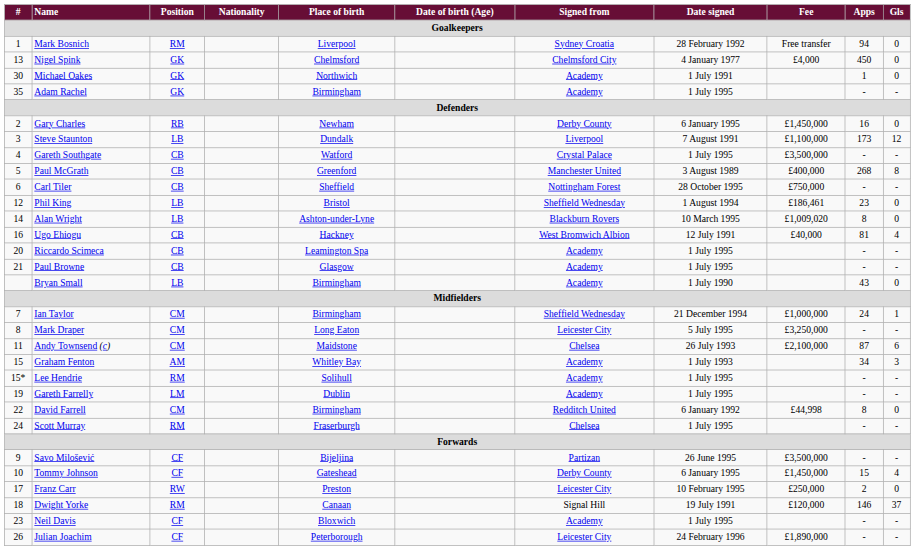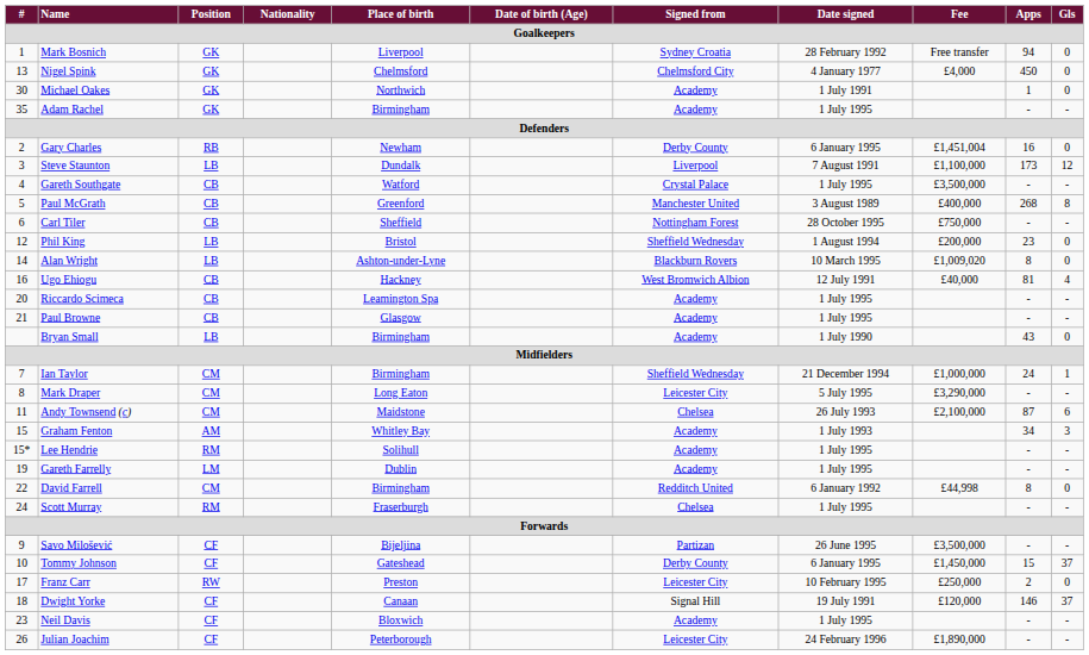 <table class="wikitable" style="text-align:center; font-size:84.5%; width:101%;">
 <tr>
 <th style="background:#670E36; color:#FFFFFF; text-align:center;">#</th>
 <th style="background:#670E36; color:#FFFFFF; text-align:left;">Name</th>
 <th style="background:#670E36; color:#FFFFFF; text-align:center;">Position</th>
 <th style="background:#670E36; color:#FFFFFF; text-align:center;">Nationality</th>
 <th style="background:#670E36; color:#FFFFFF; text-align:center;">Place of birth</th>
 <th style="background:#670E36; color:#FFFFFF; text-align:center;">Date of birth (Age)</th>
 <th style="background:#670E36; color:#FFFFFF; text-align:center;">Signed from</th>
 <th style="background:#670E36; color:#FFFFFF; text-align:center;">Date signed</th>
 <th style="background:#670E36; color:#FFFFFF; text-align:center;">Fee</th>
 <th style="background:#670E36; color:#FFFFFF; text-align:center;">Apps</th>
 <th style="background:#670E36; color:#FFFFFF; text-align:center;">Gls</th>
 </tr>
 <tr>
 <th colspan="11" style="background:#dcdcdc; tepxt-align:center;">Goalkeepers</th>
 </tr>
 <tr>
 <td>1</td>
 <td style="text-align:left;"><a href='#'>Mark Bosnich</a></td>
-<td><a href='#'>RM</a></td>
+<td><a href='#'>GK</a></td>
 <td></td>
 <td><a href='#'>Liverpool</a></td>
 <td></td>
 <td> <a href='#'>Sydney Croatia</a></td>
 <td>28 February 1992</td>
 <td>Free transfer</td>
 <td>94</td>
 <td>0</td>
 </tr>
 <tr>
 <td>13</td>
 <td style="text-align:left;"><a href='#'>Nigel Spink</a></td>
 <td><a href='#'>GK</a></td>
 <td></td>
 <td><a href='#'>Chelmsford</a></td>
 <td></td>
 <td><a href='#'>Chelmsford City</a></td>
 <td>4 January 1977</td>
 <td>£4,000</td>
 <td>450</td>
 <td>0</td>
 </tr>
 <tr>
 <td>30</td>
 <td style="text-align:left;"><a href='#'>Michael Oakes</a></td>
 <td><a href='#'>GK</a></td>
 <td></td>
 <td><a href='#'>Northwich</a></td>
 <td></td>
 <td><a href='#'>Academy</a></td>
 <td>1 July 1991</td>
 <td></td>
 <td>1</td>
 <td>0</td>
 </tr>
 <tr>
 <td>35</td>
 <td style="text-align:left;"><a href='#'>Adam Rachel</a></td>
 <td><a href='#'>GK</a></td>
 <td></td>
 <td><a href='#'>Birmingham</a></td>
 <td></td>
 <td><a href='#'>Academy</a></td>
 <td>1 July 1995</td>
 <td></td>
 <td>-</td>
 <td>-</td>
 </tr>
 <tr>
 <th colspan="11" style="background:#dcdcdc; tepxt-align:center;">Defenders</th>
 </tr>
 <tr>
 <td>2</td>
 <td style="text-align:left;"><a href='#'>Gary Charles</a></td>
 <td><a href='#'>RB</a></td>
 <td></td>
 <td><a href='#'>Newham</a></td>
 <td></td>
 <td><a href='#'>Derby County</a></td>
 <td>6 January 1995</td>
-<td>£1,450,000</td>
+<td>£1,451,004</td>
 <td>16</td>
 <td>0</td>
 </tr>
 <tr>
 <td>3</td>
 <td style="text-align:left;"><a href='#'>Steve Staunton</a></td>
 <td><a href='#'>LB</a></td>
 <td></td>
 <td><a href='#'>Dundalk</a></td>
 <td></td>
 <td><a href='#'>Liverpool</a></td>
 <td>7 August 1991</td>
 <td>£1,100,000</td>
 <td>173</td>
 <td>12</td>
 </tr>
 <tr>
 <td>4</td>
 <td style="text-align:left;"><a href='#'>Gareth Southgate</a></td>
 <td><a href='#'>CB</a></td>
 <td></td>
 <td><a href='#'>Watford</a></td>
 <td></td>
 <td><a href='#'>Crystal Palace</a></td>
 <td>1 July 1995</td>
 <td>£3,500,000</td>
 <td>-</td>
 <td>-</td>
 </tr>
 <tr>
 <td>5</td>
 <td style="text-align:left;"><a href='#'>Paul McGrath</a></td>
 <td><a href='#'>CB</a></td>
 <td></td>
 <td> <a href='#'>Greenford</a></td>
 <td></td>
 <td><a href='#'>Manchester United</a></td>
 <td>3 August 1989</td>
 <td>£400,000</td>
 <td>268</td>
 <td>8</td>
 </tr>
 <tr>
 <td>6</td>
 <td style="text-align:left;"><a href='#'>Carl Tiler</a></td>
 <td><a href='#'>CB</a></td>
 <td></td>
 <td><a href='#'>Sheffield</a></td>
 <td></td>
 <td><a href='#'>Nottingham Forest</a></td>
 <td>28 October 1995</td>
 <td>£750,000</td>
 <td>-</td>
 <td>-</td>
 </tr>
 <tr>
 <td>12</td>
 <td style="text-align:left;"><a href='#'>Phil King</a></td>
 <td><a href='#'>LB</a></td>
 <td></td>
 <td><a href='#'>Bristol</a></td>
 <td></td>
 <td><a href='#'>Sheffield Wednesday</a></td>
 <td>1 August 1994</td>
-<td>£186,461</td>
+<td>£200,000</td>
 <td>23</td>
 <td>0</td>
 </tr>
 <tr>
 <td>14</td>
 <td style="text-align:left;"><a href='#'>Alan Wright</a></td>
 <td><a href='#'>LB</a></td>
 <td></td>
 <td><a href='#'>Ashton-under-Lyne</a></td>
 <td></td>
 <td><a href='#'>Blackburn Rovers</a></td>
 <td>10 March 1995</td>
 <td>£1,009,020</td>
 <td>8</td>
 <td>0</td>
 </tr>
 <tr>
 <td>16</td>
 <td style="text-align:left;"><a href='#'>Ugo Ehiogu</a></td>
 <td><a href='#'>CB</a></td>
 <td></td>
 <td><a href='#'>Hackney</a></td>
 <td></td>
 <td><a href='#'>West Bromwich Albion</a></td>
 <td>12 July 1991</td>
 <td>£40,000</td>
 <td>81</td>
 <td>4</td>
 </tr>
 <tr>
 <td>20</td>
 <td style="text-align:left;"><a href='#'>Riccardo Scimeca</a></td>
 <td><a href='#'>CB</a></td>
 <td></td>
 <td><a href='#'>Leamington Spa</a></td>
 <td></td>
 <td><a href='#'>Academy</a></td>
 <td>1 July 1995</td>
 <td></td>
 <td>-</td>
 <td>-</td>
 </tr>
 <tr>
 <td>21</td>
 <td style="text-align:left;"><a href='#'>Paul Browne</a></td>
 <td><a href='#'>CB</a></td>
 <td></td>
 <td><a href='#'>Glasgow</a></td>
 <td></td>
 <td><a href='#'>Academy</a></td>
 <td>1 July 1995</td>
 <td></td>
 <td>-</td>
 <td>-</td>
 </tr>
 <tr>
 <td></td>
 <td style="text-align:left;"><a href='#'>Bryan Small</a></td>
 <td><a href='#'>LB</a></td>
 <td></td>
 <td><a href='#'>Birmingham</a></td>
 <td></td>
 <td><a href='#'>Academy</a></td>
 <td>1 July 1990</td>
 <td></td>
 <td>43</td>
 <td>0</td>
 </tr>
 <tr>
 <th colspan="11" style="background:#dcdcdc; tepxt-align:center;">Midfielders</th>
 </tr>
 <tr>
 <td>7</td>
 <td style="text-align:left;"><a href='#'>Ian Taylor</a></td>
 <td><a href='#'>CM</a></td>
 <td></td>
 <td><a href='#'>Birmingham</a></td>
 <td></td>
 <td><a href='#'>Sheffield Wednesday</a></td>
 <td>21 December 1994</td>
 <td>£1,000,000</td>
 <td>24</td>
 <td>1</td>
 </tr>
 <tr>
 <td>8</td>
 <td style="text-align:left;"><a href='#'>Mark Draper</a></td>
 <td><a href='#'>CM</a></td>
 <td></td>
 <td><a href='#'>Long Eaton</a></td>
 <td></td>
 <td> <a href='#'>Leicester City</a></td>
 <td>5 July 1995</td>
-<td>£3,250,000</td>
+<td>£3,290,000</td>
 <td>-</td>
 <td>-</td>
 </tr>
 <tr>
 <td>11</td>
 <td style="text-align:left;"><a href='#'>Andy Townsend</a> <em>(<a href='#'>c</a>)</em></td>
 <td><a href='#'>CM</a></td>
 <td></td>
 <td> <a href='#'>Maidstone</a></td>
 <td></td>
 <td><a href='#'>Chelsea</a></td>
 <td>26 July 1993</td>
 <td>£2,100,000</td>
 <td>87</td>
 <td>6</td>
 </tr>
 <tr>
 <td>15</td>
 <td style="text-align:left;"><a href='#'>Graham Fenton</a></td>
 <td><a href='#'>AM</a></td>
 <td></td>
 <td><a href='#'>Whitley Bay</a></td>
 <td></td>
 <td><a href='#'>Academy</a></td>
 <td>1 July 1993</td>
 <td></td>
 <td>34</td>
 <td>3</td>
 </tr>
 <tr>
 <td>15*</td>
 <td style="text-align:left;"><a href='#'>Lee Hendrie</a></td>
 <td><a href='#'>RM</a></td>
 <td></td>
 <td><a href='#'>Solihull</a></td>
 <td></td>
 <td><a href='#'>Academy</a></td>
 <td>1 July 1995</td>
 <td></td>
 <td>-</td>
 <td>-</td>
 </tr>
 <tr>
 <td>19</td>
 <td style="text-align:left;"><a href='#'>Gareth Farrelly</a></td>
 <td><a href='#'>LM</a></td>
 <td></td>
 <td><a href='#'>Dublin</a></td>
 <td></td>
 <td><a href='#'>Academy</a></td>
 <td>1 July 1995</td>
 <td></td>
 <td>-</td>
 <td>-</td>
 </tr>
 <tr>
 <td>22</td>
 <td style="text-align:left;"><a href='#'>David Farrell</a></td>
 <td><a href='#'>CM</a></td>
 <td></td>
 <td><a href='#'>Birmingham</a></td>
 <td></td>
 <td><a href='#'>Redditch United</a></td>
 <td>6 January 1992</td>
 <td>£44,998</td>
 <td>8</td>
 <td>0</td>
 </tr>
 <tr>
 <td>24</td>
 <td style="text-align:left;"><a href='#'>Scott Murray</a></td>
 <td><a href='#'>RM</a></td>
 <td></td>
 <td><a href='#'>Fraserburgh</a></td>
 <td></td>
 <td><a href='#'>Chelsea</a></td>
 <td>1 July 1995</td>
 <td></td>
 <td>-</td>
 <td>-</td>
 </tr>
 <tr>
 <th colspan="11" style="background:#dcdcdc; tepxt-align:center;">Forwards</th>
 </tr>
 <tr>
 <td>9</td>
 <td style="text-align:left;"><a href='#'>Savo Milošević</a></td>
 <td><a href='#'>CF</a></td>
 <td></td>
 <td><a href='#'>Bijeljina</a></td>
 <td></td>
 <td> <a href='#'>Partizan</a></td>
 <td>26 June 1995</td>
 <td>£3,500,000</td>
 <td>-</td>
 <td>-</td>
 </tr>
 <tr>
 <td>10</td>
 <td style="text-align:left;"><a href='#'>Tommy Johnson</a></td>
 <td><a href='#'>CF</a></td>
 <td></td>
 <td><a href='#'>Gateshead</a></td>
 <td></td>
 <td><a href='#'>Derby County</a></td>
 <td>6 January 1995</td>
 <td>£1,450,000</td>
 <td>15</td>
-<td>4</td>
+<td>37</td>
 </tr>
 <tr>
 <td>17</td>
 <td style="text-align:left;"><a href='#'>Franz Carr</a></td>
 <td><a href='#'>RW</a></td>
 <td></td>
 <td><a href='#'>Preston</a></td>
 <td></td>
 <td> <a href='#'>Leicester City</a></td>
 <td>10 February 1995</td>
 <td>£250,000</td>
 <td>2</td>
 <td>0</td>
 </tr>
 <tr>
 <td>18</td>
 <td style="text-align:left;"><a href='#'>Dwight Yorke</a></td>
-<td><a href='#'>RM</a></td>
+<td><a href='#'>CF</a></td>
 <td></td>
 <td><a href='#'>Canaan</a></td>
 <td></td>
 <td> Signal Hill</td>
 <td>19 July 1991</td>
 <td>£120,000</td>
 <td>146</td>
 <td>37</td>
 </tr>
 <tr>
 <td>23</td>
 <td style="text-align:left;"><a href='#'>Neil Davis</a></td>
 <td><a href='#'>CF</a></td>
 <td></td>
 <td><a href='#'>Bloxwich</a></td>
 <td></td>
 <td><a href='#'>Academy</a></td>
 <td>1 July 1995</td>
 <td></td>
 <td>-</td>
 <td>-</td>
 </tr>
 <tr>
 <td>26</td>
 <td style="text-align:left;"><a href='#'>Julian Joachim</a></td>
 <td><a href='#'>CF</a></td>
 <td></td>
 <td><a href='#'>Peterborough</a></td>
 <td></td>
 <td><a href='#'>Leicester City</a></td>
 <td>24 February 1996</td>
 <td>£1,890,000</td>
 <td>-</td>
 <td>-</td>
 </tr>
 </table>
